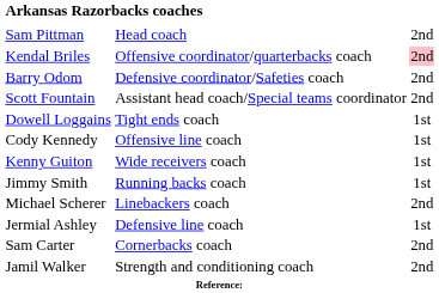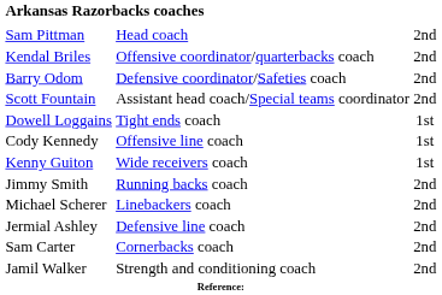 <table class="toccolours" style="text-align: left;">
 <tr>
 <td colspan="9"><strong>Arkansas Razorbacks coaches</strong></td>
 </tr>
 <tr>
 <td style="font-size: 95%;" valign="top"></td>
 <td></td>
 </tr>
 <tr>
 <td><a href='#'>Sam Pittman</a></td>
 <td><a href='#'>Head coach</a></td>
 <td align=center>2nd</td>
 </tr>
 <tr>
 <td><a href='#'>Kendal Briles</a></td>
 <td><a href='#'>Offensive coordinator</a>/<a href='#'>quarterbacks</a> coach</td>
-<td align=center style="background: pink;">2nd</td>
+<td align=center>2nd</td>
 </tr>
 <tr>
 <td><a href='#'>Barry Odom</a></td>
 <td><a href='#'>Defensive coordinator</a>/<a href='#'>Safeties</a> coach</td>
 <td align=center>2nd</td>
 </tr>
 <tr>
 <td><a href='#'>Scott Fountain</a></td>
 <td>Assistant head coach/<a href='#'>Special teams</a> coordinator</td>
 <td align=center>2nd</td>
 </tr>
 <tr>
 <td><a href='#'>Dowell Loggains</a></td>
 <td><a href='#'>Tight ends</a> coach</td>
 <td align=center>1st</td>
 </tr>
 <tr>
 <td>Cody Kennedy</td>
 <td><a href='#'>Offensive line</a> coach</td>
 <td align=center>1st</td>
 </tr>
 <tr>
 <td><a href='#'>Kenny Guiton</a></td>
 <td><a href='#'>Wide receivers</a> coach</td>
 <td align=center>1st</td>
 </tr>
 <tr>
 <td>Jimmy Smith</td>
 <td><a href='#'>Running backs</a> coach</td>
-<td align=center>1st</td>
+<td align=center>2nd</td>
 </tr>
 <tr>
 <td>Michael Scherer</td>
 <td><a href='#'>Linebackers</a> coach</td>
 <td align=center>2nd</td>
 </tr>
 <tr>
 <td>Jermial Ashley</td>
 <td><a href='#'>Defensive line</a> coach</td>
-<td align=center>1st</td>
+<td align=center>2nd</td>
 </tr>
 <tr>
 <td>Sam Carter</td>
 <td><a href='#'>Cornerbacks</a> coach</td>
 <td align=center>2nd</td>
 </tr>
 <tr>
 <td>Jamil Walker</td>
 <td>Strength and conditioning coach</td>
 <td align=center>2nd</td>
 </tr>
 <tr>
 <td colspan="4"  style="font-size:8pt; text-align:center;"><strong>Reference:</strong></td>
 </tr>
 </table>
